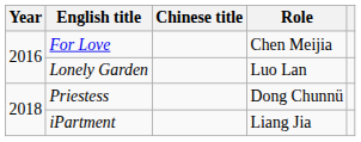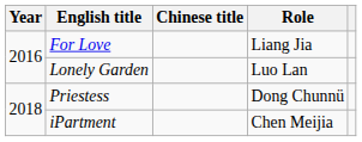 <table class="wikitable">
 <tr>
 <th>Year</th>
 <th>English title</th>
 <th>Chinese title</th>
 <th>Role</th>
 <th></th>
 </tr>
 <tr>
 <td rowspan=2>2016</td>
 <td><em><a href='#'>For Love</a></em></td>
 <td></td>
-<td>Chen Meijia</td>
+<td>Liang Jia</td>
 <td></td>
 </tr>
 <tr>
 <td><em>Lonely Garden</em></td>
 <td></td>
 <td>Luo Lan</td>
 <td></td>
 </tr>
 <tr>
 <td rowspan=2>2018</td>
 <td><em>Priestess</em></td>
 <td></td>
 <td>Dong Chunnü</td>
 <td></td>
 </tr>
 <tr>
 <td><em>iPartment</em></td>
 <td></td>
-<td>Liang Jia</td>
+<td>Chen Meijia</td>
 <td></td>
 </tr>
 </table>
